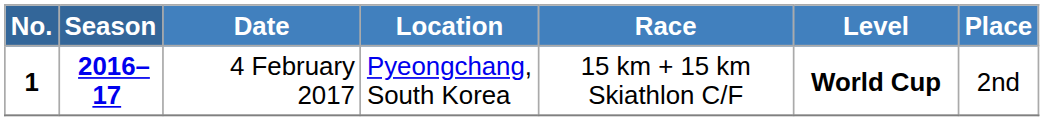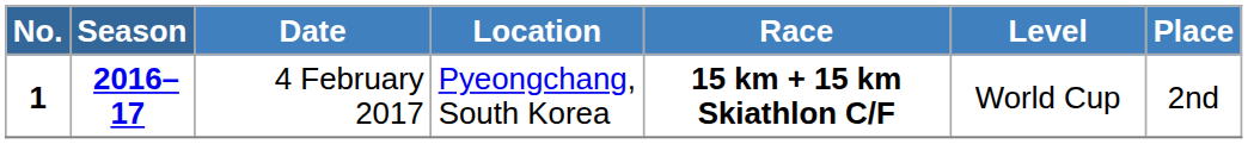 <table class="wikitable sortable" style="font-size:95%; text-align:center; border:grey solid 1px; border-collapse:collapse; background:#ffffff;">
 <tr style="background:#efefef;">
 <th style="background-color:#369; color:white;">No.</th>
 <th style="background-color:#369; color:white;">Season</th>
 <th style="background-color:#4180be; color:white; width:120px;">Date</th>
 <th style="background-color:#4180be; color:white; width:185x;">Location</th>
 <th style="background-color:#4180be; color:white; width:160px;">Race</th>
 <th style="background-color:#4180be; color:white; width:100px;">Level</th>
 <th style="background-color:#4180be; color:white;">Place</th>
 </tr>
 <tr>
 <td align=center><strong>1</strong></td>
 <td rowspan=1 align=center><strong> <a href='#'>2016–17</a> </strong></td>
 <td align=right>4 February 2017</td>
 <td align=left> <a href='#'>Pyeongchang</a>, South Korea</td>
-<td>15 km + 15 km Skiathlon C/F</td>
-<td><strong>World Cup</strong></td>
+<td><strong>15 km + 15 km Skiathlon C/F</strong></td>
+<td>World Cup</td>
 <td>2nd</td>
 </tr>
 <tr>
 </tr>
 </table>
